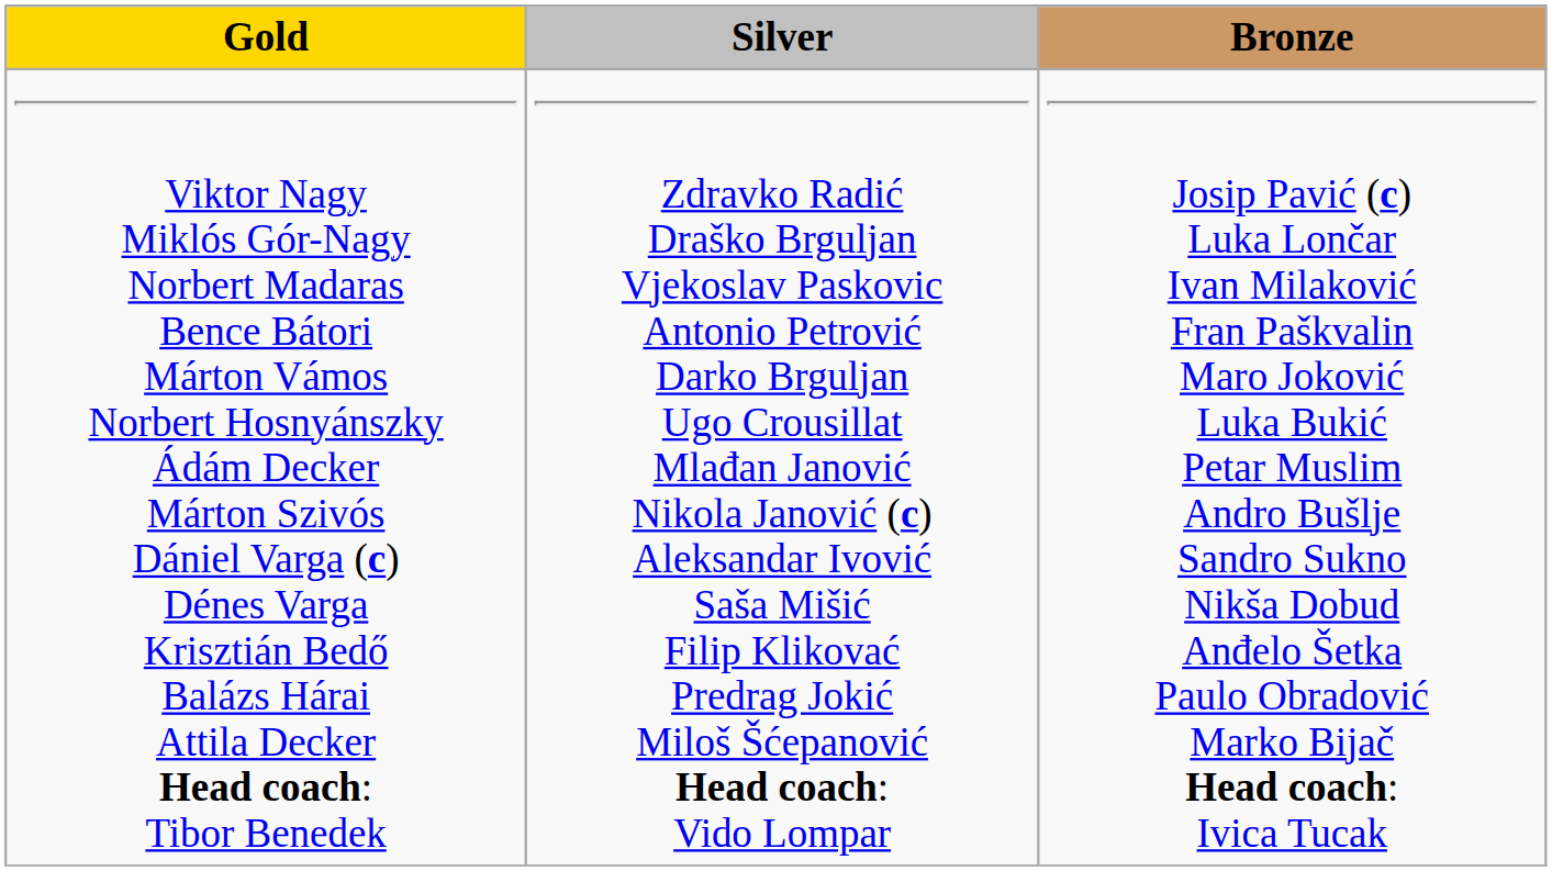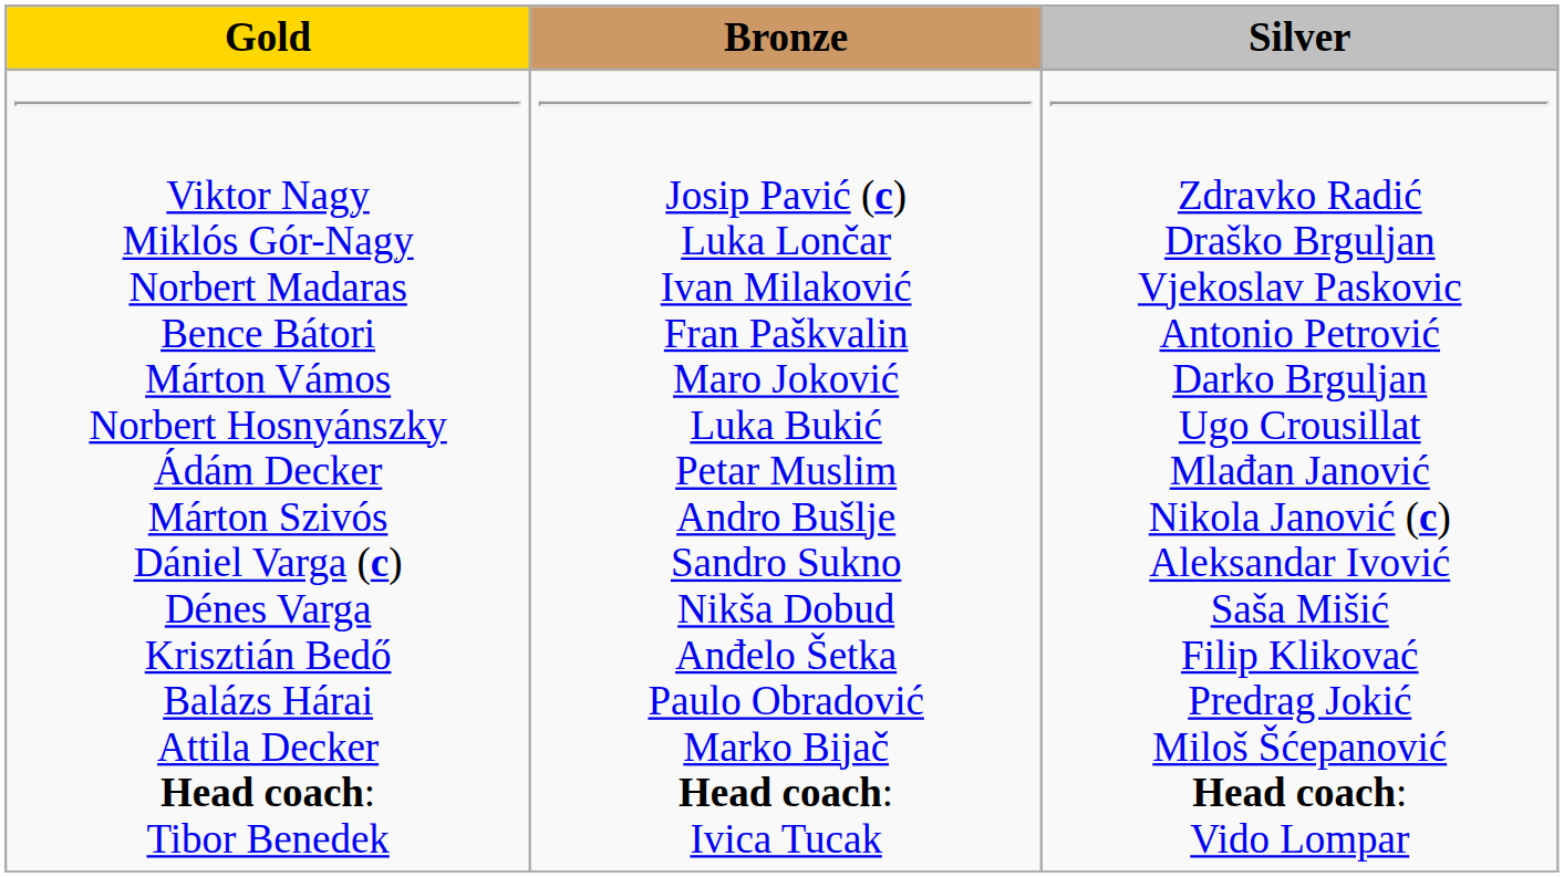 <table class="wikitable">
 <tr>
 <th style="text-align:center; width:15em; background-color:gold;">Gold</th>
+<th style="text-align:center; width:15em; background-color:#CC9966;">Bronze</th>
 <th style="text-align:center; width:15em; background-color:silver;">Silver</th>
-<th style="text-align:center; width:15em; background-color:#CC9966;">Bronze</th>
 </tr>
 <tr>
 <td style="text-align:center; vertical-align:top;"><strong></strong> <hr><br><a href='#'>Viktor Nagy</a><br><a href='#'>Miklós Gór-Nagy</a><br><a href='#'>Norbert Madaras</a><br><a href='#'>Bence Bátori</a><br><a href='#'>Márton Vámos</a><br><a href='#'>Norbert Hosnyánszky</a><br><a href='#'>Ádám Decker</a><br><a href='#'>Márton Szivós</a><br><a href='#'>Dániel Varga</a> (<a href='#'><strong>c</strong></a>)<br><a href='#'>Dénes Varga</a> <br><a href='#'>Krisztián Bedő</a><br><a href='#'>Balázs Hárai</a><br><a href='#'>Attila Decker</a><br><strong>Head coach</strong>: <br><a href='#'>Tibor Benedek</a></td>
+<td style="text-align:center; vertical-align:top;"><strong></strong> <hr><br><a href='#'>Josip Pavić</a> (<a href='#'><strong>c</strong></a>)<br><a href='#'>Luka Lončar</a><br><a href='#'>Ivan Milaković</a><br><a href='#'>Fran Paškvalin</a><br><a href='#'>Maro Joković</a><br><a href='#'>Luka Bukić</a><br><a href='#'>Petar Muslim</a><br><a href='#'>Andro Bušlje</a><br><a href='#'>Sandro Sukno</a><br><a href='#'>Nikša Dobud</a><br><a href='#'>Anđelo Šetka</a><br><a href='#'>Paulo Obradović</a><br><a href='#'>Marko Bijač</a><br><strong>Head coach</strong>: <br><a href='#'>Ivica Tucak</a></td>
 <td style="text-align:center; vertical-align:top;"><strong></strong> <hr><br><a href='#'>Zdravko Radić</a><br><a href='#'>Draško Brguljan</a><br><a href='#'>Vjekoslav Paskovic</a><br><a href='#'>Antonio Petrović</a><br><a href='#'>Darko Brguljan</a><br><a href='#'>Ugo Crousillat</a><br><a href='#'>Mlađan Janović</a><br><a href='#'>Nikola Janović</a> (<a href='#'><strong>c</strong></a>)<br><a href='#'>Aleksandar Ivović</a><br><a href='#'>Saša Mišić</a><br><a href='#'>Filip Klikovać</a><br><a href='#'>Predrag Jokić</a><br><a href='#'>Miloš Šćepanović</a><br><strong>Head coach</strong>: <br><a href='#'>Vido Lompar</a></td>
-<td style="text-align:center; vertical-align:top;"><strong></strong> <hr><br><a href='#'>Josip Pavić</a> (<a href='#'><strong>c</strong></a>)<br><a href='#'>Luka Lončar</a><br><a href='#'>Ivan Milaković</a><br><a href='#'>Fran Paškvalin</a><br><a href='#'>Maro Joković</a><br><a href='#'>Luka Bukić</a><br><a href='#'>Petar Muslim</a><br><a href='#'>Andro Bušlje</a><br><a href='#'>Sandro Sukno</a><br><a href='#'>Nikša Dobud</a><br><a href='#'>Anđelo Šetka</a><br><a href='#'>Paulo Obradović</a><br><a href='#'>Marko Bijač</a><br><strong>Head coach</strong>: <br><a href='#'>Ivica Tucak</a></td>
 </tr>
 </table>
